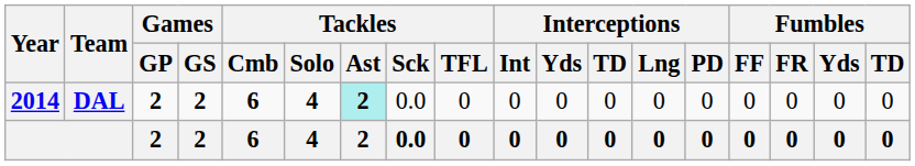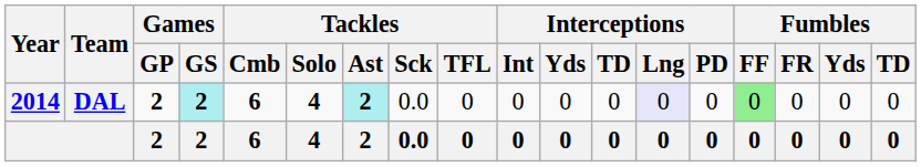 <table class="wikitable" style="text-align:center">
 <tr>
 <th rowspan="2">Year</th>
 <th rowspan="2">Team</th>
 <th colspan="2">Games</th>
 <th colspan="5">Tackles</th>
 <th colspan="5">Interceptions</th>
 <th colspan="4">Fumbles</th>
 </tr>
 <tr>
 <th>GP</th>
 <th>GS</th>
 <th>Cmb</th>
 <th>Solo</th>
 <th>Ast</th>
 <th>Sck</th>
 <th>TFL</th>
 <th>Int</th>
 <th>Yds</th>
 <th>TD</th>
 <th>Lng</th>
 <th>PD</th>
 <th>FF</th>
 <th>FR</th>
 <th>Yds</th>
 <th>TD</th>
 </tr>
 <tr>
 <th><a href='#'>2014</a></th>
 <th><a href='#'>DAL</a></th>
 <td><strong>2</strong></td>
-<td><strong>2</strong></td>
+<td style="background: paleturquoise;"><strong>2</strong></td>
 <td><strong>6</strong></td>
 <td><strong>4</strong></td>
 <td style="background: paleturquoise;"><strong>2</strong></td>
 <td>0.0</td>
 <td>0</td>
 <td>0</td>
 <td>0</td>
 <td>0</td>
+<td style="background: lavender;">0</td>
 <td>0</td>
-<td>0</td>
-<td>0</td>
+<td style="background: lightgreen;">0</td>
 <td>0</td>
 <td>0</td>
 <td>0</td>
 </tr>
 <tr>
 <th colspan="2"></th>
 <th>2</th>
 <th>2</th>
 <th>6</th>
 <th>4</th>
 <th>2</th>
 <th>0.0</th>
 <th>0</th>
 <th>0</th>
 <th>0</th>
 <th>0</th>
 <th>0</th>
 <th>0</th>
 <th>0</th>
 <th>0</th>
 <th>0</th>
 <th>0</th>
 </tr>
 </table>
